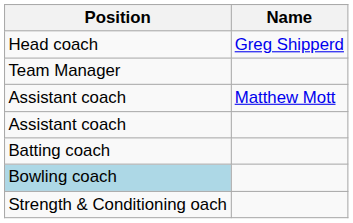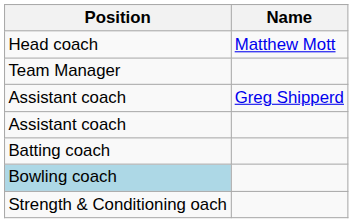 <table class="wikitable"">
 <tr>
 <th>Position</th>
 <th>Name</th>
 </tr>
 <tr>
 <td>Head coach</td>
-<td><a href='#'>Greg Shipperd</a></td>
+<td><a href='#'>Matthew Mott</a></td>
 </tr>
 <tr>
 <td>Team Manager</td>
 <td></td>
 </tr>
 <tr>
 <td>Assistant coach</td>
-<td><a href='#'>Matthew Mott</a></td>
+<td><a href='#'>Greg Shipperd</a></td>
 </tr>
 <tr>
 <td>Assistant coach</td>
 <td></td>
 </tr>
 <tr>
 <td>Batting coach</td>
 <td></td>
 </tr>
 <tr>
 <td style="background: lightblue;">Bowling coach</td>
 <td></td>
 </tr>
 <tr>
 <td>Strength & Conditioning oach</td>
 <td></td>
 </tr>
 </table>
